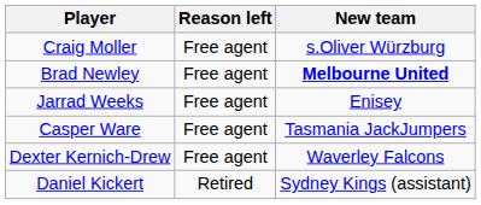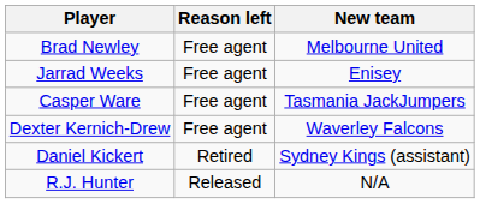 <table class="wikitable sortable sortable" style="text-align: center">
 <tr>
 <th>Player</th>
 <th>Reason left</th>
 <th>New team</th>
 </tr>
 <tr>
-<td><a href='#'>Craig Moller</a></td>
-<td>Free agent</td>
-<td><a href='#'>s.Oliver Würzburg</a></td>
-</tr>
-<tr>
 <td><a href='#'>Brad Newley</a></td>
 <td>Free agent</td>
-<td><strong><a href='#'>Melbourne United</a></strong></td>
+<td><a href='#'>Melbourne United</a></td>
 </tr>
 <tr>
 <td><a href='#'>Jarrad Weeks</a></td>
 <td>Free agent</td>
 <td><a href='#'>Enisey</a></td>
 </tr>
 <tr>
 <td><a href='#'>Casper Ware</a></td>
 <td>Free agent</td>
 <td><a href='#'>Tasmania JackJumpers</a></td>
 </tr>
 <tr>
 <td><a href='#'>Dexter Kernich-Drew</a></td>
 <td>Free agent</td>
 <td><a href='#'>Waverley Falcons</a></td>
 </tr>
 <tr>
 <td><a href='#'>Daniel Kickert</a></td>
 <td>Retired</td>
 <td><a href='#'>Sydney Kings</a> (assistant)</td>
 </tr>
+<tr>
+<td><a href='#'>R.J. Hunter</a></td>
+<td>Released</td>
+<td>N/A</td>
+</tr>
 </table>
